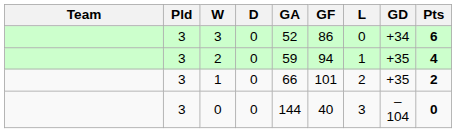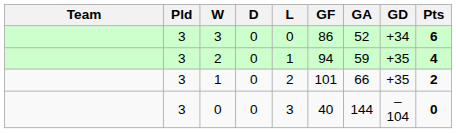 <table class="wikitable" style="text-align: center;">
 <tr>
 <th width="180">Team</th>
 <th width="35">Pld</th>
 <th width="35">W</th>
 <th width="35">D</th>
+<th width="35">L</th>
+<th width="35">GF</th>
 <th width="35">GA</th>
-<th width="35">GF</th>
-<th width="35">L</th>
 <th width="35">GD</th>
 <th width="35">Pts</th>
 </tr>
 <tr bgcolor=#ccffcc>
 <td align="left"></td>
 <td>3</td>
 <td>3</td>
 <td>0</td>
+<td>0</td>
+<td>86</td>
 <td>52</td>
-<td>86</td>
-<td>0</td>
 <td>+34</td>
 <td><strong>6</strong></td>
 </tr>
 <tr bgcolor=#ccffcc>
 <td align="left"></td>
 <td>3</td>
 <td>2</td>
 <td>0</td>
+<td>1</td>
+<td>94</td>
 <td>59</td>
-<td>94</td>
-<td>1</td>
 <td>+35</td>
 <td><strong>4</strong></td>
 </tr>
 <tr>
 <td align="left"></td>
 <td>3</td>
 <td>1</td>
 <td>0</td>
+<td>2</td>
+<td>101</td>
 <td>66</td>
-<td>101</td>
-<td>2</td>
 <td>+35</td>
 <td><strong>2</strong></td>
 </tr>
 <tr>
 <td align="left"></td>
 <td>3</td>
 <td>0</td>
 <td>0</td>
+<td>3</td>
+<td>40</td>
 <td>144</td>
-<td>40</td>
-<td>3</td>
 <td>–104</td>
 <td><strong>0</strong></td>
 </tr>
 </table>
